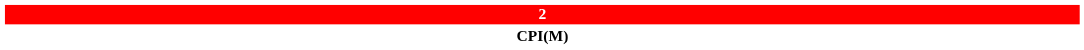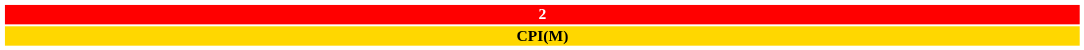 <table style="width:88%; text-align:center;">
 <tr style="color:white;">
 <td style="background:red; width:100%;"><strong>2</strong></td>
 </tr>
 <tr>
-<td><span><strong>CPI(M)</strong></span></td>
+<td style="background: gold;"><span><strong>CPI(M)</strong></span></td>
 </tr>
 </table>
